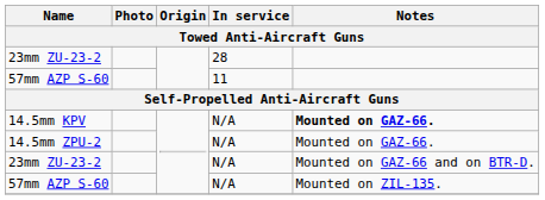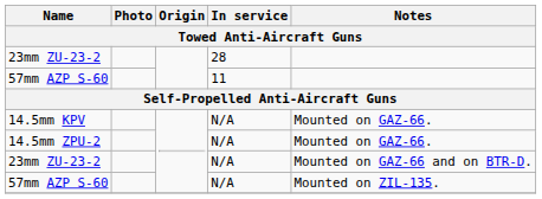 <table class="wikitable">
 <tr>
 <th>Name</th>
 <th>Photo</th>
 <th>Origin</th>
 <th>In service</th>
 <th>Notes</th>
 </tr>
 <tr>
 <th colspan="5">Towed Anti-Aircraft Guns</th>
 </tr>
 <tr>
 <td>23mm <a href='#'>ZU-23-2</a></td>
 <td></td>
 <td rowspan="2"></td>
 <td>28</td>
 <td></td>
 </tr>
 <tr>
 <td>57mm <a href='#'>AZP S-60</a></td>
 <td></td>
 <td>11</td>
 <td></td>
 </tr>
 <tr>
 <th colspan="5">Self-Propelled Anti-Aircraft Guns</th>
 </tr>
 <tr>
 <td>14.5mm <a href='#'>KPV</a></td>
 <td></td>
 <td rowspan="4"><hr></td>
 <td>N/A</td>
-<td><strong>Mounted on <a href='#'>GAZ-66</a>.</strong></td>
+<td>Mounted on <a href='#'>GAZ-66</a>.</td>
 </tr>
 <tr>
 <td>14.5mm <a href='#'>ZPU-2</a></td>
 <td></td>
 <td>N/A</td>
 <td>Mounted on <a href='#'>GAZ-66</a>.</td>
 </tr>
 <tr>
 <td>23mm <a href='#'>ZU-23-2</a></td>
 <td></td>
 <td>N/A</td>
 <td>Mounted on <a href='#'>GAZ-66</a> and on <a href='#'>BTR-D</a>.</td>
 </tr>
 <tr>
 <td>57mm <a href='#'>AZP S-60</a></td>
 <td></td>
 <td>N/A</td>
 <td>Mounted on <a href='#'>ZIL-135</a>.</td>
 </tr>
 <tr>
 </tr>
 </table>
